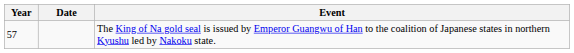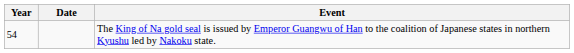 <table class="wikitable" width="100%">
 <tr>
 <th style="width:6%">Year</th>
 <th style="width:10%">Date</th>
 <th>Event</th>
 </tr>
 <tr>
-<td>57</td>
+<td>54</td>
 <td></td>
 <td>The <a href='#'>King of Na gold seal</a> is issued by <a href='#'>Emperor Guangwu of Han</a> to the coalition of Japanese states in northern <a href='#'>Kyushu</a> led by <a href='#'>Nakoku</a> state.</td>
 </tr>
 </table>
